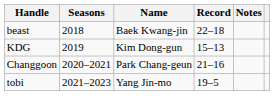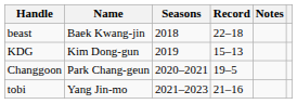 <table class="wikitable">
 <tr>
 <th style="background:#">Handle</th>
+<th style="background:#">Name</th>
 <th style="background:#">Seasons</th>
-<th style="background:#">Name</th>
 <th style="background:#">Record</th>
 <th style="background:#">Notes</th>
 <th style="background:#"></th>
 </tr>
 <tr>
 <td>beast</td>
+<td>Baek Kwang-jin</td>
 <td>2018</td>
-<td>Baek Kwang-jin</td>
 <td>22–18 </td>
 <td></td>
 <td></td>
 </tr>
 <tr>
 <td>KDG</td>
+<td>Kim Dong-gun</td>
 <td>2019</td>
-<td>Kim Dong-gun</td>
 <td>15–13 </td>
 <td></td>
 <td></td>
 </tr>
 <tr>
 <td>Changgoon</td>
+<td>Park Chang-geun</td>
 <td>2020–2021</td>
-<td>Park Chang-geun</td>
-<td>21–16 </td>
+<td>19–5 </td>
 <td></td>
 <td></td>
 </tr>
 <tr>
 <td>tobi</td>
+<td>Yang Jin-mo</td>
 <td>2021–2023</td>
-<td>Yang Jin-mo</td>
-<td>19–5 </td>
+<td>21–16 </td>
 <td></td>
 <td></td>
 </tr>
 </table>
